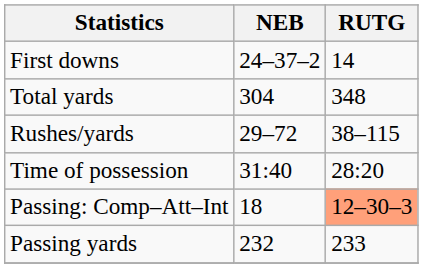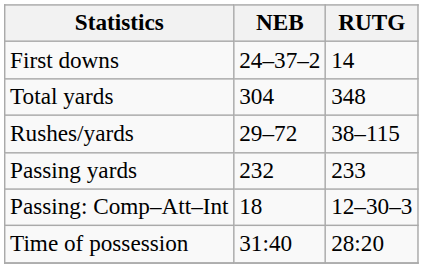 <table class="wikitable" style="float: left;">
 <tr>
 <th>Statistics</th>
 <th>NEB</th>
 <th>RUTG</th>
 </tr>
 <tr>
 <td>First downs</td>
 <td>24–37–2</td>
 <td>14</td>
 </tr>
 <tr>
 <td>Total yards</td>
 <td>304</td>
 <td>348</td>
 </tr>
 <tr>
 <td>Rushes/yards</td>
 <td>29–72</td>
 <td>38–115</td>
 </tr>
 <tr>
+<td>Passing yards</td>
+<td>232</td>
+<td>233</td>
+</tr>
+<tr>
+<td>Passing: Comp–Att–Int</td>
+<td>18</td>
+<td>12–30–3</td>
+</tr>
+<tr>
 <td>Time of possession</td>
 <td>31:40</td>
 <td>28:20</td>
 </tr>
 <tr>
-<td>Passing: Comp–Att–Int</td>
-<td>18</td>
-<td style="background: lightsalmon;">12–30–3</td>
-</tr>
-<tr>
-<td>Passing yards</td>
-<td>232</td>
-<td>233</td>
-</tr>
-<tr>
 </tr>
 </table>
